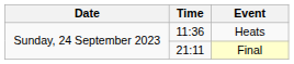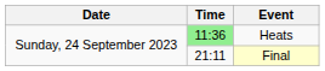 <table class = "wikitable" style="text-align:center;">
 <tr>
 <th width=220>Date</th>
 <th width=50>Time</th>
 <th width=100>Event</th>
 </tr>
 <tr>
 <td rowspan=2>Sunday, 24 September 2023</td>
-<td>11:36</td>
+<td style="background: lightgreen;">11:36</td>
 <td>Heats</td>
 </tr>
 <tr>
 <td>21:11</td>
 <td bgcolor=ffffcc>Final</td>
 </tr>
 </table>
